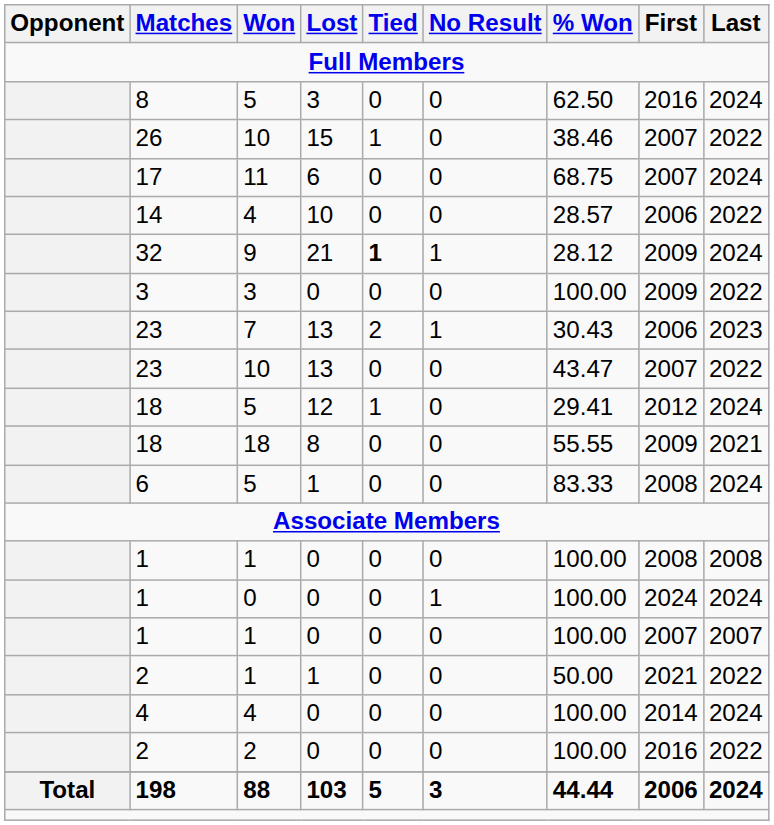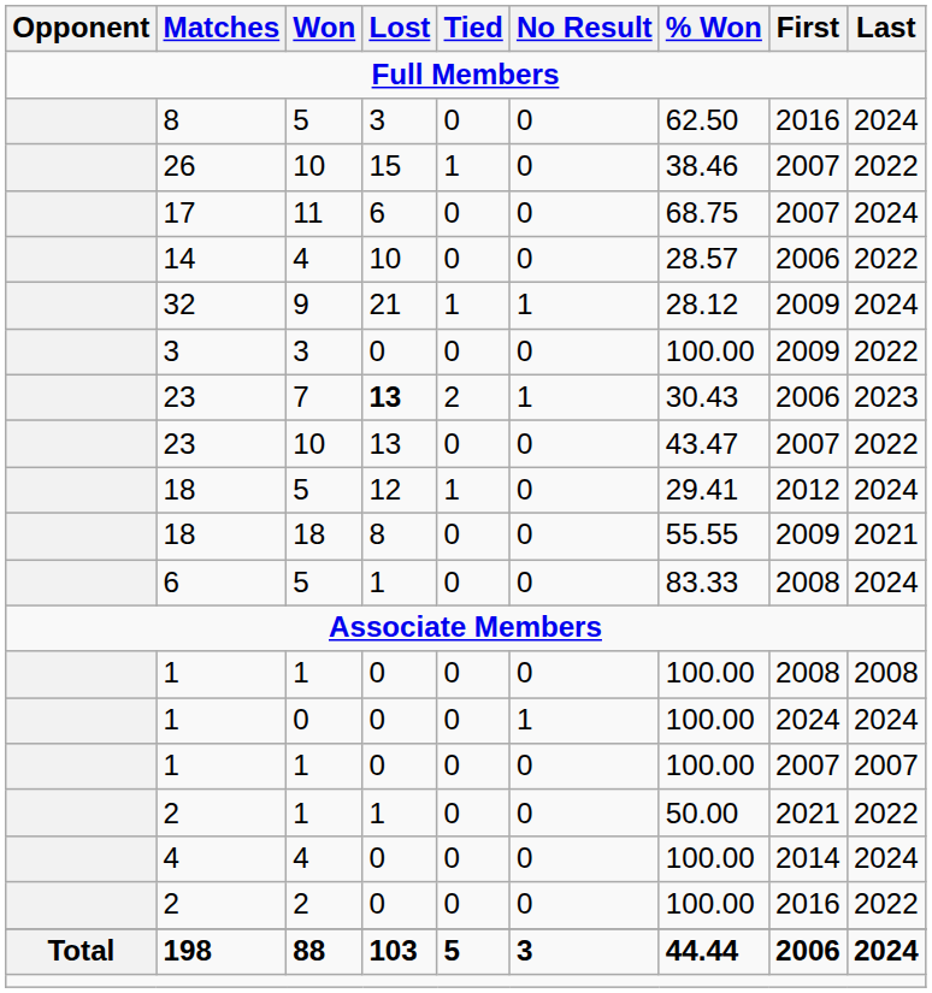 <table class="wikitable plainrowheaders sortable">
 <tr>
 <th scope="col">Opponent</th>
 <th scope="col"><a href='#'>Matches</a></th>
 <th scope="col"><a href='#'>Won</a></th>
 <th scope="col"><a href='#'>Lost</a></th>
 <th scope="col"><a href='#'>Tied</a></th>
 <th scope="col"><a href='#'>No Result</a></th>
 <th scope="col"><a href='#'>% Won</a></th>
 <th scope="col">First</th>
 <th scope="col">Last</th>
 </tr>
 <tr>
 <td style="text-align: center;" colspan="9"><strong><a href='#'>Full Members</a></strong></td>
 </tr>
 <tr>
 <th scope=row></th>
 <td>8</td>
 <td>5</td>
 <td>3</td>
 <td>0</td>
 <td>0</td>
 <td>62.50</td>
 <td>2016</td>
 <td>2024</td>
 </tr>
 <tr>
 <th scope=row></th>
 <td>26</td>
 <td>10</td>
 <td>15</td>
 <td>1</td>
 <td>0</td>
 <td>38.46</td>
 <td>2007</td>
 <td>2022</td>
 </tr>
 <tr>
 <th scope=row></th>
 <td>17</td>
 <td>11</td>
 <td>6</td>
 <td>0</td>
 <td>0</td>
 <td>68.75</td>
 <td>2007</td>
 <td>2024</td>
 </tr>
 <tr>
 <th scope=row></th>
 <td>14</td>
 <td>4</td>
 <td>10</td>
 <td>0</td>
 <td>0</td>
 <td>28.57</td>
 <td>2006</td>
 <td>2022</td>
 </tr>
 <tr>
 <th scope=row></th>
 <td>32</td>
 <td>9</td>
 <td>21</td>
-<td><strong>1</strong></td>
+<td>1</td>
 <td>1</td>
 <td>28.12</td>
 <td>2009</td>
 <td>2024</td>
 </tr>
 <tr>
 <th scope=row></th>
 <td>3</td>
 <td>3</td>
 <td>0</td>
 <td>0</td>
 <td>0</td>
 <td>100.00</td>
 <td>2009</td>
 <td>2022</td>
 </tr>
 <tr>
 <th scope=row></th>
 <td>23</td>
 <td>7</td>
-<td>13</td>
+<td><strong>13</strong></td>
 <td>2</td>
 <td>1</td>
 <td>30.43</td>
 <td>2006</td>
 <td>2023</td>
 </tr>
 <tr>
 <th scope=row></th>
 <td>23</td>
 <td>10</td>
 <td>13</td>
 <td>0</td>
 <td>0</td>
 <td>43.47</td>
 <td>2007</td>
 <td>2022</td>
 </tr>
 <tr>
 <th scope=row></th>
 <td>18</td>
 <td>5</td>
 <td>12</td>
 <td>1</td>
 <td>0</td>
 <td>29.41</td>
 <td>2012</td>
 <td>2024</td>
 </tr>
 <tr>
 <th scope=row></th>
 <td>18</td>
 <td>18</td>
 <td>8</td>
 <td>0</td>
 <td>0</td>
 <td>55.55</td>
 <td>2009</td>
 <td>2021</td>
 </tr>
 <tr>
 <th scope=row></th>
 <td>6</td>
 <td>5</td>
 <td>1</td>
 <td>0</td>
 <td>0</td>
 <td>83.33</td>
 <td>2008</td>
 <td>2024</td>
 </tr>
 <tr>
 <td colspan="10" style="text-align: center;"><strong><a href='#'>Associate Members</a></strong></td>
 </tr>
 <tr>
 <th scope=row></th>
 <td>1</td>
 <td>1</td>
 <td>0</td>
 <td>0</td>
 <td>0</td>
 <td>100.00</td>
 <td>2008</td>
 <td>2008</td>
 </tr>
 <tr>
 <th scope=row></th>
 <td>1</td>
 <td>0</td>
 <td>0</td>
 <td>0</td>
 <td>1</td>
 <td>100.00</td>
 <td>2024</td>
 <td>2024</td>
 </tr>
 <tr>
 <th scope=row></th>
 <td>1</td>
 <td>1</td>
 <td>0</td>
 <td>0</td>
 <td>0</td>
 <td>100.00</td>
 <td>2007</td>
 <td>2007</td>
 </tr>
 <tr>
 <th scope=row></th>
 <td>2</td>
 <td>1</td>
 <td>1</td>
 <td>0</td>
 <td>0</td>
 <td>50.00</td>
 <td>2021</td>
 <td>2022</td>
 </tr>
 <tr>
 <th scope=row></th>
 <td>4</td>
 <td>4</td>
 <td>0</td>
 <td>0</td>
 <td>0</td>
 <td>100.00</td>
 <td>2014</td>
 <td>2024</td>
 </tr>
 <tr>
 <th scope=row></th>
 <td>2</td>
 <td>2</td>
 <td>0</td>
 <td>0</td>
 <td>0</td>
 <td>100.00</td>
 <td>2016</td>
 <td>2022</td>
 </tr>
 <tr>
 </tr>
 <tr class="sortbottom">
 <th scope="row" style="text-align:center"><strong>Total</strong></th>
 <td><strong>198</strong></td>
 <td><strong>88</strong></td>
 <td><strong>103</strong></td>
 <td><strong>5</strong></td>
 <td><strong>3</strong></td>
 <td><strong>44.44</strong></td>
 <td><strong>2006</strong></td>
 <td><strong>2024</strong></td>
 </tr>
 <tr>
 <td colspan=10></td>
 </tr>
 </table>
